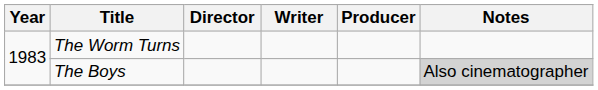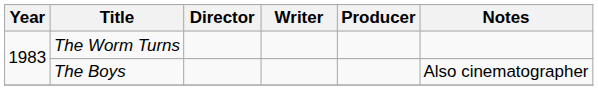 <table class="wikitable">
 <tr>
 <th>Year</th>
 <th>Title</th>
 <th width=65>Director</th>
 <th width=65>Writer</th>
 <th width=65>Producer</th>
 <th>Notes</th>
 </tr>
 <tr>
 <td rowspan=2>1983</td>
 <td><em>The Worm Turns</em></td>
 <td></td>
 <td></td>
 <td></td>
 <td></td>
 </tr>
 <tr>
 <td><em>The Boys</em></td>
 <td></td>
 <td></td>
 <td></td>
-<td style="background: lightgrey;">Also cinematographer</td>
+<td>Also cinematographer</td>
 </tr>
 <tr>
 </tr>
 </table>
